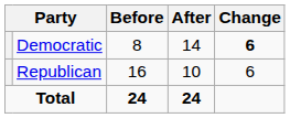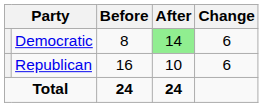 <table class="wikitable" style="text-align:center;">
 <tr>
 <th colspan="2">Party</th>
 <th>Before</th>
 <th>After</th>
 <th>Change</th>
 </tr>
 <tr>
 <th style="background-color:"></th>
 <td style="text-align:left;"><a href='#'>Democratic</a></td>
 <td>8</td>
-<td>14</td>
-<td><strong> 6</strong></td>
+<td style="background: lightgreen;">14</td>
+<td> 6</td>
 </tr>
 <tr>
 <th style="background-color:"></th>
 <td style="text-align:left;"><a href='#'>Republican</a></td>
 <td>16</td>
 <td>10</td>
 <td> 6</td>
 </tr>
 <tr>
 <td colspan="2"><strong>Total</strong></td>
 <td><strong>24</strong></td>
 <td><strong>24</strong></td>
 <td></td>
 </tr>
 </table>
